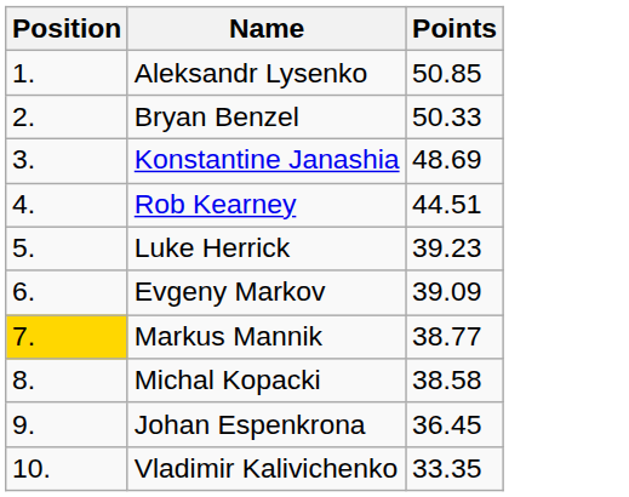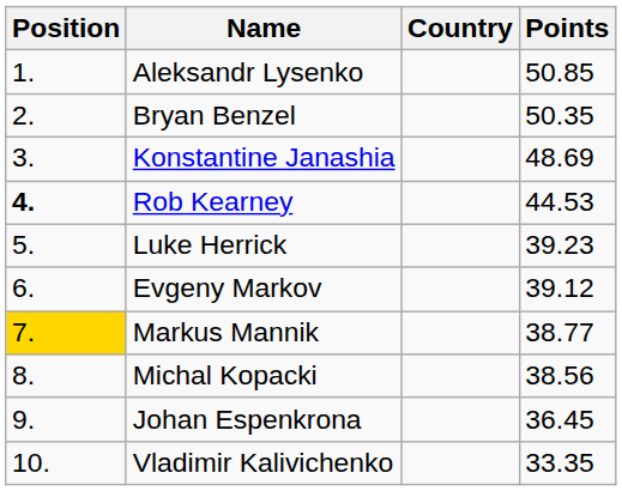 <table class="wikitable sortable" style="display: inline-table">
 <tr>
 <th>Position</th>
 <th>Name</th>
+<th>Country</th>
 <th>Points</th>
 </tr>
 <tr>
 <td>1.</td>
 <td>Aleksandr Lysenko</td>
+<td></td>
 <td>50.85</td>
 </tr>
 <tr>
 <td>2.</td>
 <td>Bryan Benzel</td>
-<td>50.33</td>
+<td></td>
+<td>50.35</td>
 </tr>
 <tr>
 <td>3.</td>
 <td><a href='#'>Konstantine Janashia</a></td>
+<td></td>
 <td>48.69</td>
 </tr>
 <tr>
-<td>4.</td>
+<td><strong>4.</strong></td>
 <td><a href='#'>Rob Kearney</a></td>
-<td>44.51</td>
+<td></td>
+<td>44.53</td>
 </tr>
 <tr>
 <td>5.</td>
 <td>Luke Herrick</td>
+<td></td>
 <td>39.23</td>
 </tr>
 <tr>
 <td>6.</td>
 <td>Evgeny Markov</td>
-<td>39.09</td>
+<td></td>
+<td>39.12</td>
 </tr>
 <tr>
 <td style="background: gold;">7.</td>
 <td>Markus Mannik</td>
+<td></td>
 <td>38.77</td>
 </tr>
 <tr>
 <td>8.</td>
 <td>Michal Kopacki</td>
-<td>38.58</td>
+<td></td>
+<td>38.56</td>
 </tr>
 <tr>
 <td>9.</td>
 <td>Johan Espenkrona</td>
+<td></td>
 <td>36.45</td>
 </tr>
 <tr>
 <td>10.</td>
 <td>Vladimir Kalivichenko</td>
+<td></td>
 <td>33.35</td>
 </tr>
 </table>
